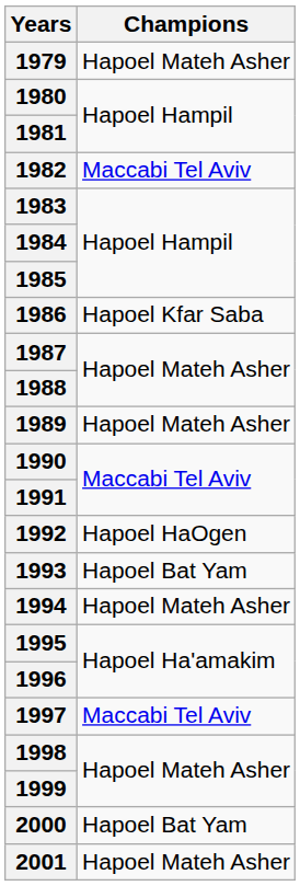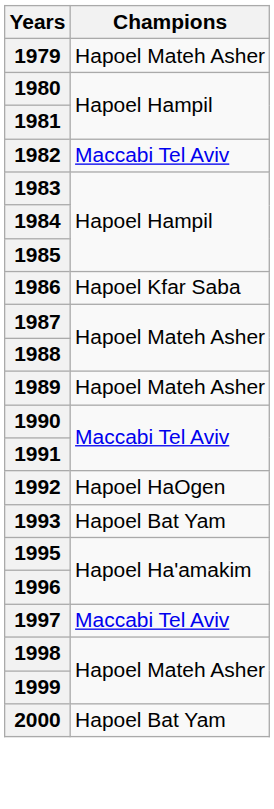 <table class="wikitable" style="display:inline-table;">
 <tr>
 <th>Years</th>
 <th>Champions</th>
 </tr>
 <tr>
 <th>1979</th>
 <td>Hapoel Mateh Asher</td>
 </tr>
 <tr>
 <th>1980</th>
 <td rowspan=2>Hapoel Hampil</td>
 </tr>
 <tr>
 <th>1981</th>
 </tr>
 <tr>
 <th>1982</th>
 <td><a href='#'>Maccabi Tel Aviv</a></td>
 </tr>
 <tr>
 <th>1983</th>
 <td rowspan=3>Hapoel Hampil</td>
 </tr>
 <tr>
 <th>1984</th>
 </tr>
 <tr>
 <th>1985</th>
 </tr>
 <tr>
 <th>1986</th>
 <td>Hapoel Kfar Saba</td>
 </tr>
 <tr>
 <th>1987</th>
 <td rowspan=2>Hapoel Mateh Asher</td>
 </tr>
 <tr>
 <th>1988</th>
 </tr>
 <tr>
 <th>1989</th>
 <td>Hapoel Mateh Asher</td>
 </tr>
 <tr>
 <th>1990</th>
 <td rowspan=2><a href='#'>Maccabi Tel Aviv</a></td>
 </tr>
 <tr>
 <th>1991</th>
 </tr>
 <tr>
 <th>1992</th>
 <td>Hapoel HaOgen</td>
 </tr>
 <tr>
 <th>1993</th>
 <td>Hapoel Bat Yam</td>
 </tr>
 <tr>
-<th>1994</th>
-<td>Hapoel Mateh Asher</td>
-</tr>
-<tr>
 <th>1995</th>
 <td rowspan=2>Hapoel Ha'amakim</td>
 </tr>
 <tr>
 <th>1996</th>
 </tr>
 <tr>
 <th>1997</th>
 <td><a href='#'>Maccabi Tel Aviv</a></td>
 </tr>
 <tr>
 <th>1998</th>
 <td rowspan=2>Hapoel Mateh Asher</td>
 </tr>
 <tr>
 <th>1999</th>
 </tr>
 <tr>
 <th>2000</th>
 <td>Hapoel Bat Yam</td>
 </tr>
-<tr>
-<th>2001</th>
-<td>Hapoel Mateh Asher</td>
-</tr>
 </table>
